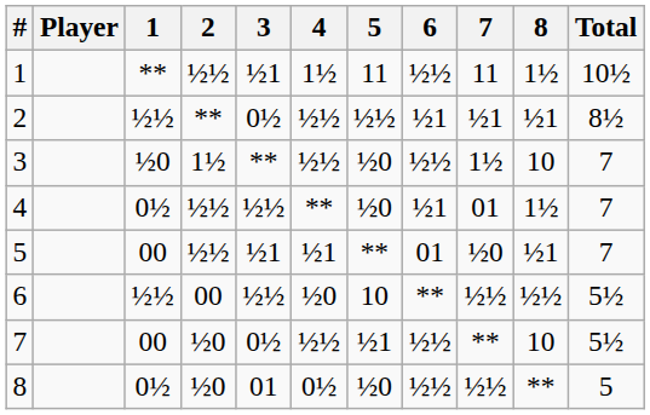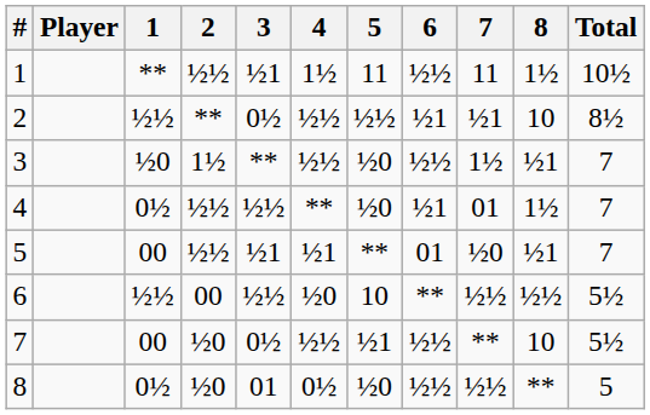 <table class="wikitable" style="text-align: center; margin: 0em 4em">
 <tr>
 <th>#</th>
 <th>Player</th>
 <th>1</th>
 <th>2</th>
 <th>3</th>
 <th>4</th>
 <th>5</th>
 <th>6</th>
 <th>7</th>
 <th>8</th>
 <th>Total</th>
 </tr>
 <tr>
 <td>1</td>
 <td align=left></td>
 <td>**</td>
 <td>½½</td>
 <td>½1</td>
 <td>1½</td>
 <td>11</td>
 <td>½½</td>
 <td>11</td>
 <td>1½</td>
 <td>10½</td>
 </tr>
 <tr>
 <td>2</td>
 <td align=left></td>
 <td>½½</td>
 <td>**</td>
 <td>0½</td>
 <td>½½</td>
 <td>½½</td>
 <td>½1</td>
 <td>½1</td>
-<td>½1</td>
+<td>10</td>
 <td>8½</td>
 </tr>
 <tr>
 <td>3</td>
 <td align=left></td>
 <td>½0</td>
 <td>1½</td>
 <td>**</td>
 <td>½½</td>
 <td>½0</td>
 <td>½½</td>
 <td>1½</td>
-<td>10</td>
+<td>½1</td>
 <td>7</td>
 </tr>
 <tr>
 <td>4</td>
 <td align=left></td>
 <td>0½</td>
 <td>½½</td>
 <td>½½</td>
 <td>**</td>
 <td>½0</td>
 <td>½1</td>
 <td>01</td>
 <td>1½</td>
 <td>7</td>
 </tr>
 <tr>
 <td>5</td>
 <td align=left></td>
 <td>00</td>
 <td>½½</td>
 <td>½1</td>
 <td>½1</td>
 <td>**</td>
 <td>01</td>
 <td>½0</td>
 <td>½1</td>
 <td>7</td>
 </tr>
 <tr>
 <td>6</td>
 <td align=left></td>
 <td>½½</td>
 <td>00</td>
 <td>½½</td>
 <td>½0</td>
 <td>10</td>
 <td>**</td>
 <td>½½</td>
 <td>½½</td>
 <td>5½</td>
 </tr>
 <tr>
 <td>7</td>
 <td align=left></td>
 <td>00</td>
 <td>½0</td>
 <td>0½</td>
 <td>½½</td>
 <td>½1</td>
 <td>½½</td>
 <td>**</td>
 <td>10</td>
 <td>5½</td>
 </tr>
 <tr>
 <td>8</td>
 <td align=left></td>
 <td>0½</td>
 <td>½0</td>
 <td>01</td>
 <td>0½</td>
 <td>½0</td>
 <td>½½</td>
 <td>½½</td>
 <td>**</td>
 <td>5</td>
 </tr>
 </table>
